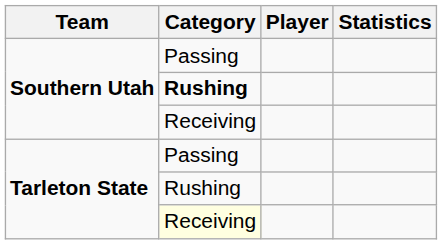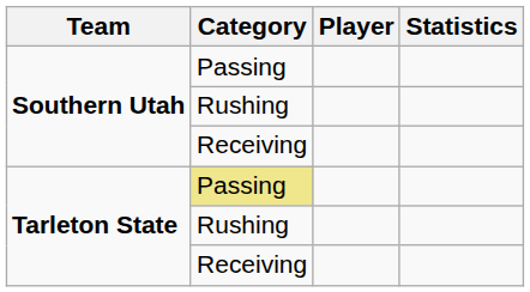 <table class="wikitable" style="float: right;">
 <tr>
 <th>Team</th>
 <th>Category</th>
 <th>Player</th>
 <th>Statistics</th>
 </tr>
 <tr>
 <td rowspan=3><strong>Southern Utah</strong></td>
 <td>Passing</td>
 <td></td>
 <td></td>
 </tr>
 <tr>
-<td><strong>Rushing</strong></td>
+<td>Rushing</td>
 <td></td>
 <td></td>
 </tr>
 <tr>
 <td>Receiving</td>
 <td></td>
 <td></td>
 </tr>
 <tr>
 <td rowspan=3><strong>Tarleton State</strong></td>
-<td>Passing</td>
+<td style="background: khaki;">Passing</td>
 <td></td>
 <td></td>
 </tr>
 <tr>
 <td>Rushing</td>
 <td></td>
 <td></td>
 </tr>
 <tr>
-<td style="background: lightyellow;">Receiving</td>
+<td>Receiving</td>
 <td></td>
 <td></td>
 </tr>
 </table>
